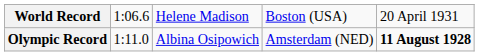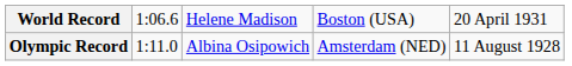 <table class="wikitable" style="font-size:95%;">
 <tr>
 <th>World Record</th>
 <td>1:06.6</td>
 <td> <a href='#'>Helene Madison</a></td>
 <td><a href='#'>Boston</a> (USA)</td>
 <td>20 April 1931</td>
 </tr>
 <tr>
 <th>Olympic Record</th>
 <td>1:11.0</td>
 <td> <a href='#'>Albina Osipowich</a></td>
 <td><a href='#'>Amsterdam</a> (NED)</td>
-<td><strong>11 August 1928</strong></td>
+<td>11 August 1928</td>
 </tr>
 </table>
